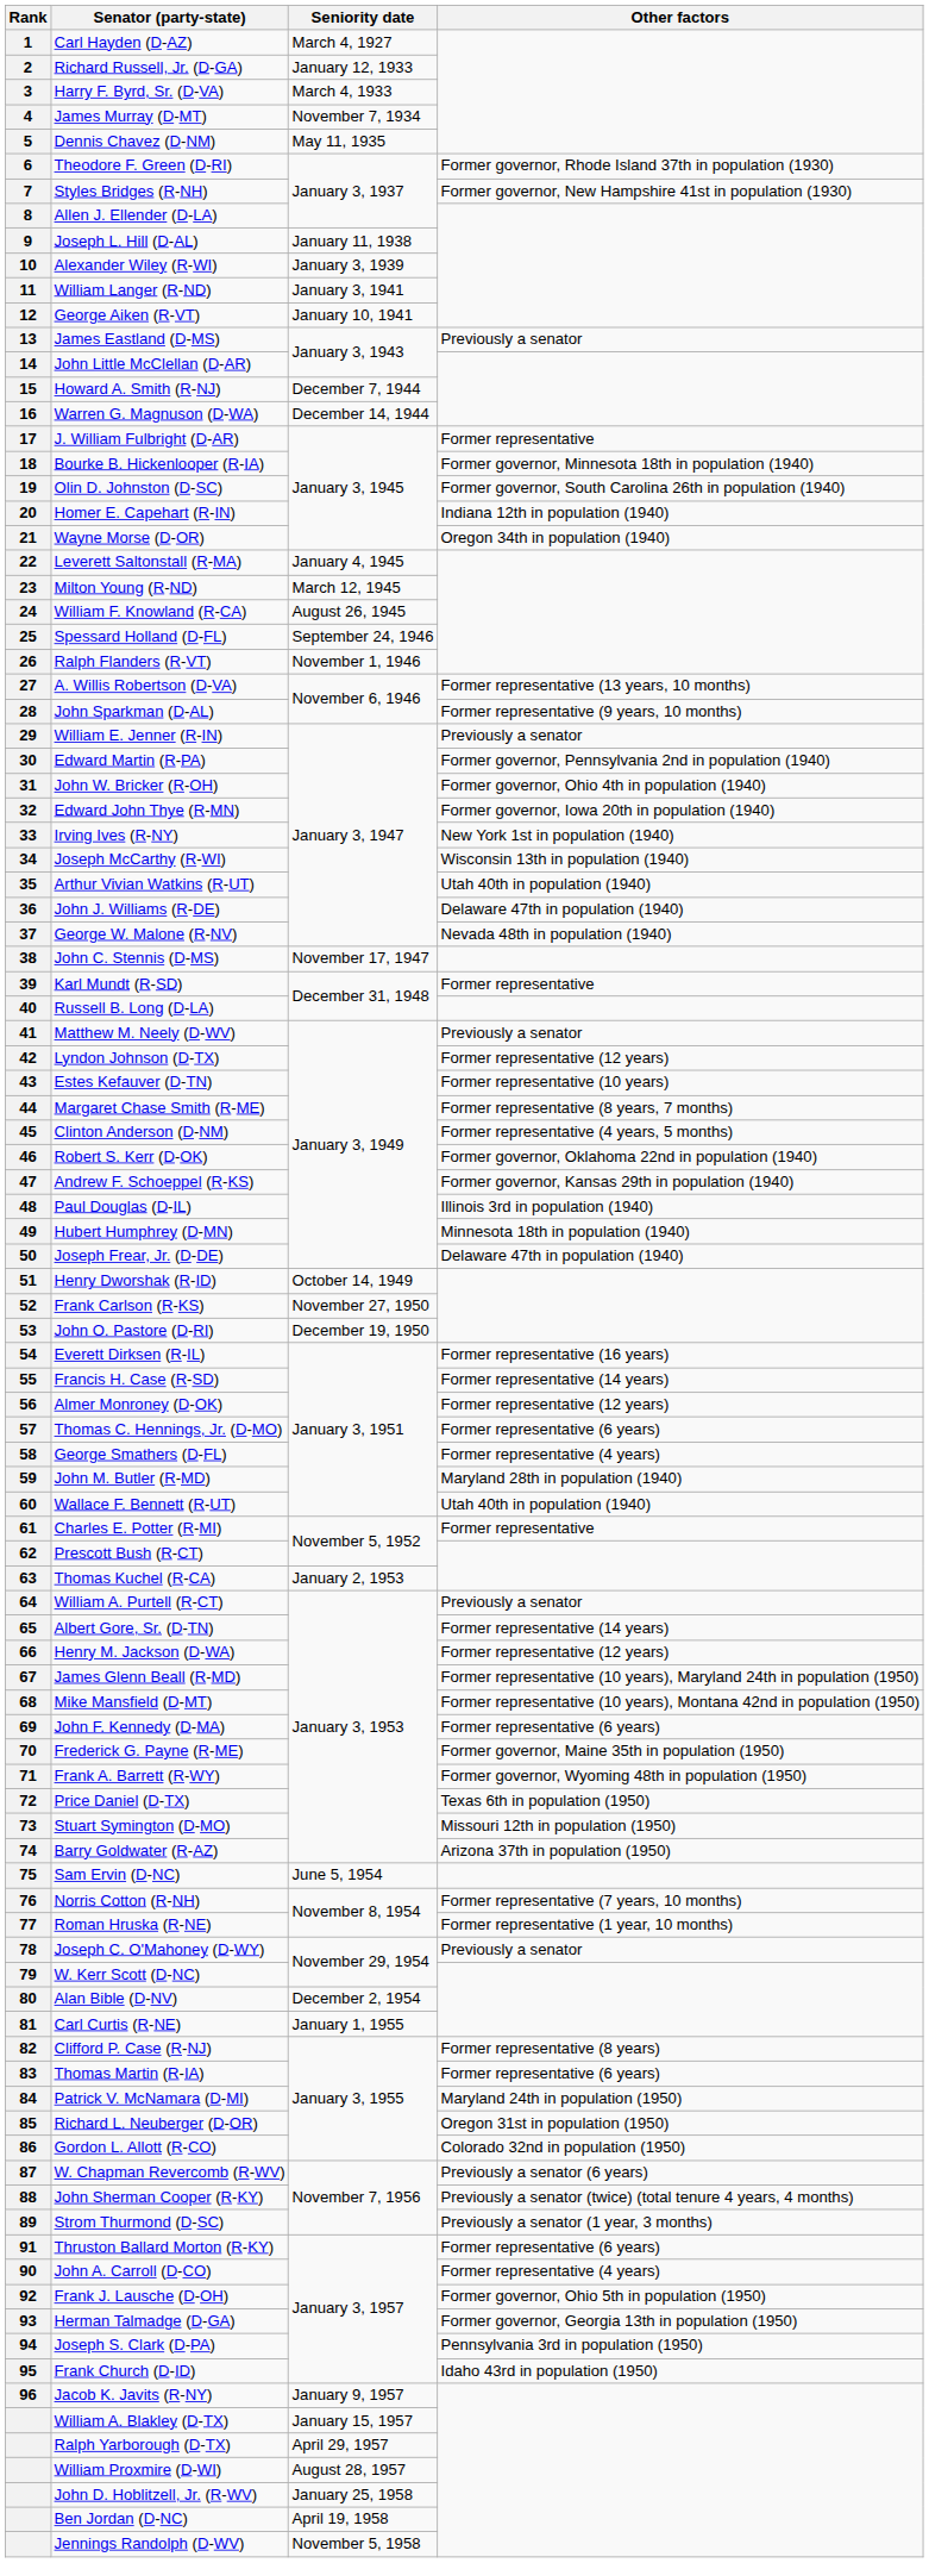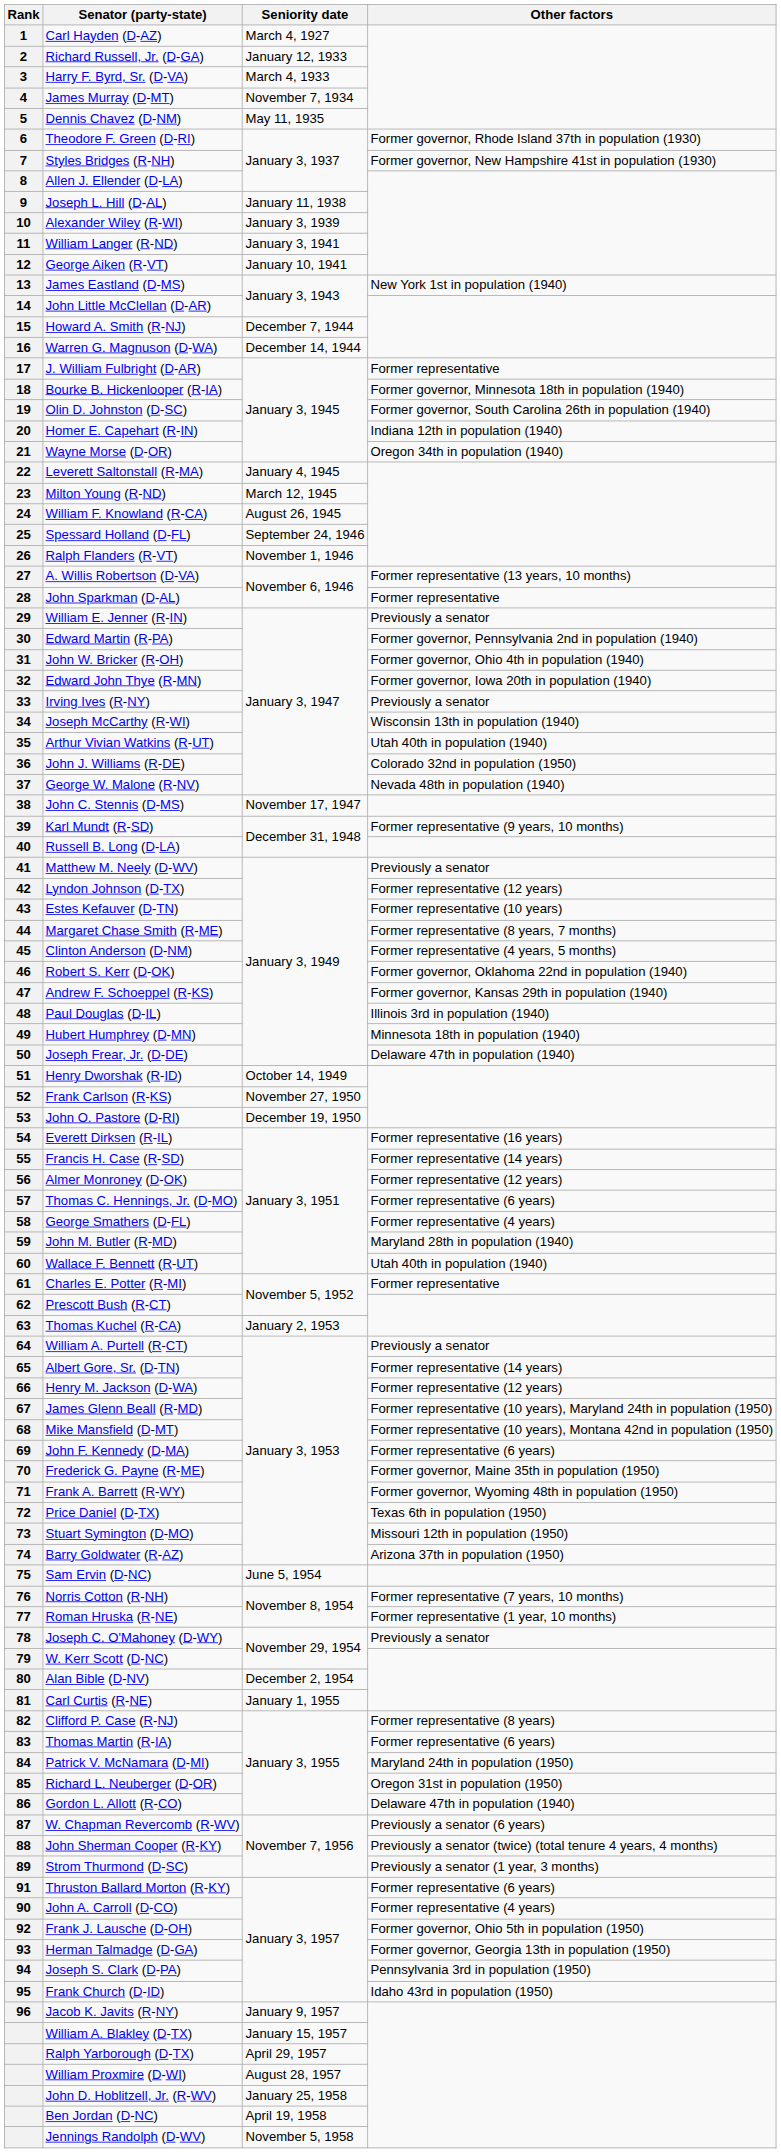 <table class=wikitable>
 <tr valign=bottom>
 <th>Rank</th>
 <th>Senator (party-state)</th>
 <th>Seniority date</th>
 <th>Other factors</th>
 </tr>
 <tr>
 <th>1</th>
 <td><a href='#'>Carl Hayden</a> (<a href='#'>D</a>-<a href='#'>AZ</a>)</td>
 <td>March 4, 1927</td>
 <td rowspan=5></td>
 </tr>
 <tr>
 <th>2</th>
 <td><a href='#'>Richard Russell, Jr.</a> (<a href='#'>D</a>-<a href='#'>GA</a>)</td>
 <td>January 12, 1933</td>
 </tr>
 <tr>
 <th>3</th>
 <td><a href='#'>Harry F. Byrd, Sr.</a> (<a href='#'>D</a>-<a href='#'>VA</a>)</td>
 <td>March 4, 1933</td>
 </tr>
 <tr>
 <th>4</th>
 <td><a href='#'>James Murray</a> (<a href='#'>D</a>-<a href='#'>MT</a>)</td>
 <td>November 7, 1934</td>
 </tr>
 <tr>
 <th>5</th>
 <td><a href='#'>Dennis Chavez</a> (<a href='#'>D</a>-<a href='#'>NM</a>)</td>
 <td>May 11, 1935</td>
 </tr>
 <tr>
 <th>6</th>
 <td><a href='#'>Theodore F. Green</a> (<a href='#'>D</a>-<a href='#'>RI</a>)</td>
 <td rowspan= 3>January 3, 1937</td>
 <td>Former governor, Rhode Island 37th in population (1930)</td>
 </tr>
 <tr>
 <th>7</th>
 <td><a href='#'>Styles Bridges</a> (<a href='#'>R</a>-<a href='#'>NH</a>)</td>
 <td>Former governor, New Hampshire 41st in population (1930)</td>
 </tr>
 <tr>
 <th>8</th>
 <td><a href='#'>Allen J. Ellender</a> (<a href='#'>D</a>-<a href='#'>LA</a>)</td>
 <td rowspan=5></td>
 </tr>
 <tr>
 <th>9</th>
 <td><a href='#'>Joseph L. Hill</a> (<a href='#'>D</a>-<a href='#'>AL</a>)</td>
 <td>January 11, 1938</td>
 </tr>
 <tr>
 <th>10</th>
 <td><a href='#'>Alexander Wiley</a> (<a href='#'>R</a>-<a href='#'>WI</a>)</td>
 <td>January 3, 1939</td>
 </tr>
 <tr>
 <th>11</th>
 <td><a href='#'>William Langer</a> (<a href='#'>R</a>-<a href='#'>ND</a>)</td>
 <td>January 3, 1941</td>
 </tr>
 <tr>
 <th>12</th>
 <td><a href='#'>George Aiken</a> (<a href='#'>R</a>-<a href='#'>VT</a>)</td>
 <td>January 10, 1941</td>
 </tr>
 <tr>
 <th>13</th>
 <td><a href='#'>James Eastland</a> (<a href='#'>D</a>-<a href='#'>MS</a>)</td>
 <td rowspan= 2>January 3, 1943</td>
-<td>Previously a senator</td>
+<td>New York 1st in population (1940)</td>
 </tr>
 <tr>
 <th>14</th>
 <td><a href='#'>John Little McClellan</a> (<a href='#'>D</a>-<a href='#'>AR</a>)</td>
 <td rowspan=3></td>
 </tr>
 <tr>
 <th>15</th>
 <td><a href='#'>Howard A. Smith</a> (<a href='#'>R</a>-<a href='#'>NJ</a>)</td>
 <td>December 7, 1944</td>
 </tr>
 <tr>
 <th>16</th>
 <td><a href='#'>Warren G. Magnuson</a> (<a href='#'>D</a>-<a href='#'>WA</a>)</td>
 <td>December 14, 1944</td>
 </tr>
 <tr>
 <th>17</th>
 <td><a href='#'>J. William Fulbright</a> (<a href='#'>D</a>-<a href='#'>AR</a>)</td>
 <td rowspan= 5>January 3, 1945</td>
 <td>Former representative</td>
 </tr>
 <tr>
 <th>18</th>
 <td><a href='#'>Bourke B. Hickenlooper</a> (<a href='#'>R</a>-<a href='#'>IA</a>)</td>
 <td>Former governor, Minnesota 18th in population (1940)</td>
 </tr>
 <tr>
 <th>19</th>
 <td><a href='#'>Olin D. Johnston</a> (<a href='#'>D</a>-<a href='#'>SC</a>)</td>
 <td>Former governor, South Carolina 26th in population (1940)</td>
 </tr>
 <tr>
 <th>20</th>
 <td><a href='#'>Homer E. Capehart</a> (<a href='#'>R</a>-<a href='#'>IN</a>)</td>
 <td>Indiana 12th in population (1940)</td>
 </tr>
 <tr>
 <th>21</th>
 <td><a href='#'>Wayne Morse</a> (<a href='#'>D</a>-<a href='#'>OR</a>)</td>
 <td>Oregon 34th in population (1940)</td>
 </tr>
 <tr>
 <th>22</th>
 <td><a href='#'>Leverett Saltonstall</a> (<a href='#'>R</a>-<a href='#'>MA</a>)</td>
 <td>January 4, 1945</td>
 <td rowspan=5></td>
 </tr>
 <tr>
 <th>23</th>
 <td><a href='#'>Milton Young</a> (<a href='#'>R</a>-<a href='#'>ND</a>)</td>
 <td>March 12, 1945</td>
 </tr>
 <tr>
 <th>24</th>
 <td><a href='#'>William F. Knowland</a> (<a href='#'>R</a>-<a href='#'>CA</a>)</td>
 <td>August 26, 1945</td>
 </tr>
 <tr>
 <th>25</th>
 <td><a href='#'>Spessard Holland</a> (<a href='#'>D</a>-<a href='#'>FL</a>)</td>
 <td>September 24, 1946</td>
 </tr>
 <tr>
 <th>26</th>
 <td><a href='#'>Ralph Flanders</a> (<a href='#'>R</a>-<a href='#'>VT</a>)</td>
 <td>November 1, 1946</td>
 </tr>
 <tr>
 <th>27</th>
 <td><a href='#'>A. Willis Robertson</a> (<a href='#'>D</a>-<a href='#'>VA</a>)</td>
 <td rowspan= 2>November 6, 1946</td>
 <td>Former representative (13 years, 10 months)</td>
 </tr>
 <tr>
 <th>28</th>
 <td><a href='#'>John Sparkman</a> (<a href='#'>D</a>-<a href='#'>AL</a>)</td>
-<td>Former representative (9 years, 10 months)</td>
+<td>Former representative</td>
 </tr>
 <tr>
 <th>29</th>
 <td><a href='#'>William E. Jenner</a> (<a href='#'>R</a>-<a href='#'>IN</a>)</td>
 <td rowspan= 9>January 3, 1947</td>
 <td>Previously a senator</td>
 </tr>
 <tr>
 <th>30</th>
 <td><a href='#'>Edward Martin</a> (<a href='#'>R</a>-<a href='#'>PA</a>)</td>
 <td>Former governor, Pennsylvania 2nd in population (1940)</td>
 </tr>
 <tr>
 <th>31</th>
 <td><a href='#'>John W. Bricker</a> (<a href='#'>R</a>-<a href='#'>OH</a>)</td>
 <td>Former governor, Ohio 4th in population (1940)</td>
 </tr>
 <tr>
 <th>32</th>
 <td><a href='#'>Edward John Thye</a> (<a href='#'>R</a>-<a href='#'>MN</a>)</td>
 <td>Former governor, Iowa 20th in population (1940)</td>
 </tr>
 <tr>
 <th>33</th>
 <td><a href='#'>Irving Ives</a> (<a href='#'>R</a>-<a href='#'>NY</a>)</td>
-<td>New York 1st in population (1940)</td>
+<td>Previously a senator</td>
 </tr>
 <tr>
 <th>34</th>
 <td><a href='#'>Joseph McCarthy</a> (<a href='#'>R</a>-<a href='#'>WI</a>)</td>
 <td>Wisconsin 13th in population (1940)</td>
 </tr>
 <tr>
 <th>35</th>
 <td><a href='#'>Arthur Vivian Watkins</a> (<a href='#'>R</a>-<a href='#'>UT</a>)</td>
 <td>Utah 40th in population (1940)</td>
 </tr>
 <tr>
 <th>36</th>
 <td><a href='#'>John J. Williams</a> (<a href='#'>R</a>-<a href='#'>DE</a>)</td>
-<td>Delaware 47th in population (1940)</td>
+<td>Colorado 32nd in population (1950)</td>
 </tr>
 <tr>
 <th>37</th>
 <td><a href='#'>George W. Malone</a> (<a href='#'>R</a>-<a href='#'>NV</a>)</td>
 <td>Nevada 48th in population (1940)</td>
 </tr>
 <tr>
 <th>38</th>
 <td><a href='#'>John C. Stennis</a> (<a href='#'>D</a>-<a href='#'>MS</a>)</td>
 <td>November 17, 1947</td>
 <td></td>
 </tr>
 <tr>
 <th>39</th>
 <td><a href='#'>Karl Mundt</a> (<a href='#'>R</a>-<a href='#'>SD</a>)</td>
 <td rowspan= 2>December 31, 1948</td>
-<td>Former representative</td>
+<td>Former representative (9 years, 10 months)</td>
 </tr>
 <tr>
 <th>40</th>
 <td><a href='#'>Russell B. Long</a> (<a href='#'>D</a>-<a href='#'>LA</a>)</td>
 </tr>
 <tr>
 <th>41</th>
 <td><a href='#'>Matthew M. Neely</a> (<a href='#'>D</a>-<a href='#'>WV</a>)</td>
 <td rowspan= 10>January 3, 1949</td>
 <td>Previously a senator</td>
 </tr>
 <tr>
 <th>42</th>
 <td><a href='#'>Lyndon Johnson</a> (<a href='#'>D</a>-<a href='#'>TX</a>)</td>
 <td>Former representative (12 years)</td>
 </tr>
 <tr>
 <th>43</th>
 <td><a href='#'>Estes Kefauver</a> (<a href='#'>D</a>-<a href='#'>TN</a>)</td>
 <td>Former representative (10 years)</td>
 </tr>
 <tr>
 <th>44</th>
 <td><a href='#'>Margaret Chase Smith</a> (<a href='#'>R</a>-<a href='#'>ME</a>)</td>
 <td>Former representative (8 years, 7 months)</td>
 </tr>
 <tr>
 <th>45</th>
 <td><a href='#'>Clinton Anderson</a> (<a href='#'>D</a>-<a href='#'>NM</a>)</td>
 <td>Former representative (4 years, 5 months)</td>
 </tr>
 <tr>
 <th>46</th>
 <td><a href='#'>Robert S. Kerr</a> (<a href='#'>D</a>-<a href='#'>OK</a>)</td>
 <td>Former governor, Oklahoma 22nd in population (1940)</td>
 </tr>
 <tr>
 <th>47</th>
 <td><a href='#'>Andrew F. Schoeppel</a> (<a href='#'>R</a>-<a href='#'>KS</a>)</td>
 <td>Former governor, Kansas 29th in population (1940)</td>
 </tr>
 <tr>
 <th>48</th>
 <td><a href='#'>Paul Douglas</a> (<a href='#'>D</a>-<a href='#'>IL</a>)</td>
 <td>Illinois 3rd in population (1940)</td>
 </tr>
 <tr>
 <th>49</th>
 <td><a href='#'>Hubert Humphrey</a> (<a href='#'>D</a>-<a href='#'>MN</a>)</td>
 <td>Minnesota 18th in population (1940)</td>
 </tr>
 <tr>
 <th>50</th>
 <td><a href='#'>Joseph Frear, Jr.</a> (<a href='#'>D</a>-<a href='#'>DE</a>)</td>
 <td>Delaware 47th in population (1940)</td>
 </tr>
 <tr>
 <th>51</th>
 <td><a href='#'>Henry Dworshak</a> (<a href='#'>R</a>-<a href='#'>ID</a>)</td>
 <td>October 14, 1949</td>
 <td rowspan=3></td>
 </tr>
 <tr>
 <th>52</th>
 <td><a href='#'>Frank Carlson</a> (<a href='#'>R</a>-<a href='#'>KS</a>)</td>
 <td>November 27, 1950</td>
 </tr>
 <tr>
 <th>53</th>
 <td><a href='#'>John O. Pastore</a> (<a href='#'>D</a>-<a href='#'>RI</a>)</td>
 <td>December 19, 1950</td>
 </tr>
 <tr>
 <th>54</th>
 <td><a href='#'>Everett Dirksen</a> (<a href='#'>R</a>-<a href='#'>IL</a>)</td>
 <td rowspan= 7>January 3, 1951</td>
 <td>Former representative (16 years)</td>
 </tr>
 <tr>
 <th>55</th>
 <td><a href='#'>Francis H. Case</a> (<a href='#'>R</a>-<a href='#'>SD</a>)</td>
 <td>Former representative (14 years)</td>
 </tr>
 <tr>
 <th>56</th>
 <td><a href='#'>Almer Monroney</a> (<a href='#'>D</a>-<a href='#'>OK</a>)</td>
 <td>Former representative (12 years)</td>
 </tr>
 <tr>
 <th>57</th>
 <td><a href='#'>Thomas C. Hennings, Jr.</a> (<a href='#'>D</a>-<a href='#'>MO</a>)</td>
 <td>Former representative (6 years)</td>
 </tr>
 <tr>
 <th>58</th>
 <td><a href='#'>George Smathers</a> (<a href='#'>D</a>-<a href='#'>FL</a>)</td>
 <td>Former representative (4 years)</td>
 </tr>
 <tr>
 <th>59</th>
 <td><a href='#'>John M. Butler</a> (<a href='#'>R</a>-<a href='#'>MD</a>)</td>
 <td>Maryland 28th in population (1940)</td>
 </tr>
 <tr>
 <th>60</th>
 <td><a href='#'>Wallace F. Bennett</a> (<a href='#'>R</a>-<a href='#'>UT</a>)</td>
 <td>Utah 40th in population (1940)</td>
 </tr>
 <tr>
 <th>61</th>
 <td><a href='#'>Charles E. Potter</a> (<a href='#'>R</a>-<a href='#'>MI</a>)</td>
 <td rowspan= 2>November 5, 1952</td>
 <td>Former representative</td>
 </tr>
 <tr>
 <th>62</th>
 <td><a href='#'>Prescott Bush</a> (<a href='#'>R</a>-<a href='#'>CT</a>)</td>
 <td rowspan=2></td>
 </tr>
 <tr>
 <th>63</th>
 <td><a href='#'>Thomas Kuchel</a> (<a href='#'>R</a>-<a href='#'>CA</a>)</td>
 <td>January 2, 1953</td>
 </tr>
 <tr>
 <th>64</th>
 <td><a href='#'>William A. Purtell</a> (<a href='#'>R</a>-<a href='#'>CT</a>)</td>
 <td rowspan= 11>January 3, 1953</td>
 <td>Previously a senator</td>
 </tr>
 <tr>
 <th>65</th>
 <td><a href='#'>Albert Gore, Sr.</a> (<a href='#'>D</a>-<a href='#'>TN</a>)</td>
 <td>Former representative (14 years)</td>
 </tr>
 <tr>
 <th>66</th>
 <td><a href='#'>Henry M. Jackson</a> (<a href='#'>D</a>-<a href='#'>WA</a>)</td>
 <td>Former representative (12 years)</td>
 </tr>
 <tr>
 <th>67</th>
 <td><a href='#'>James Glenn Beall</a> (<a href='#'>R</a>-<a href='#'>MD</a>)</td>
 <td>Former representative (10 years), Maryland 24th in population (1950)</td>
 </tr>
 <tr>
 <th>68</th>
 <td><a href='#'>Mike Mansfield</a> (<a href='#'>D</a>-<a href='#'>MT</a>)</td>
 <td>Former representative (10 years), Montana 42nd in population (1950)</td>
 </tr>
 <tr>
 <th>69</th>
 <td><a href='#'>John F. Kennedy</a> (<a href='#'>D</a>-<a href='#'>MA</a>)</td>
 <td>Former representative (6 years)</td>
 </tr>
 <tr>
 <th>70</th>
 <td><a href='#'>Frederick G. Payne</a> (<a href='#'>R</a>-<a href='#'>ME</a>)</td>
 <td>Former governor, Maine 35th in population (1950)</td>
 </tr>
 <tr>
 <th>71</th>
 <td><a href='#'>Frank A. Barrett</a> (<a href='#'>R</a>-<a href='#'>WY</a>)</td>
 <td>Former governor, Wyoming 48th in population (1950)</td>
 </tr>
 <tr>
 <th>72</th>
 <td><a href='#'>Price Daniel</a> (<a href='#'>D</a>-<a href='#'>TX</a>)</td>
 <td>Texas 6th in population (1950)</td>
 </tr>
 <tr>
 <th>73</th>
 <td><a href='#'>Stuart Symington</a> (<a href='#'>D</a>-<a href='#'>MO</a>)</td>
 <td>Missouri 12th in population (1950)</td>
 </tr>
 <tr>
 <th>74</th>
 <td><a href='#'>Barry Goldwater</a> (<a href='#'>R</a>-<a href='#'>AZ</a>)</td>
 <td>Arizona 37th in population (1950)</td>
 </tr>
 <tr>
 <th>75</th>
 <td><a href='#'>Sam Ervin</a> (<a href='#'>D</a>-<a href='#'>NC</a>)</td>
 <td>June 5, 1954</td>
 <td></td>
 </tr>
 <tr>
 <th>76</th>
 <td><a href='#'>Norris Cotton</a> (<a href='#'>R</a>-<a href='#'>NH</a>)</td>
 <td rowspan= 2>November 8, 1954</td>
 <td>Former representative (7 years, 10 months)</td>
 </tr>
 <tr>
 <th>77</th>
 <td><a href='#'>Roman Hruska</a> (<a href='#'>R</a>-<a href='#'>NE</a>)</td>
 <td>Former representative (1 year, 10 months)</td>
 </tr>
 <tr>
 <th>78</th>
 <td><a href='#'>Joseph C. O'Mahoney</a> (<a href='#'>D</a>-<a href='#'>WY</a>)</td>
 <td rowspan= 2>November 29, 1954</td>
 <td>Previously a senator</td>
 </tr>
 <tr>
 <th>79</th>
 <td><a href='#'>W. Kerr Scott</a> (<a href='#'>D</a>-<a href='#'>NC</a>)</td>
 <td rowspan=3></td>
 </tr>
 <tr>
 <th>80</th>
 <td><a href='#'>Alan Bible</a> (<a href='#'>D</a>-<a href='#'>NV</a>)</td>
 <td>December 2, 1954</td>
 </tr>
 <tr>
 <th>81</th>
 <td><a href='#'>Carl Curtis</a> (<a href='#'>R</a>-<a href='#'>NE</a>)</td>
 <td>January 1, 1955</td>
 </tr>
 <tr>
 <th>82</th>
 <td><a href='#'>Clifford P. Case</a> (<a href='#'>R</a>-<a href='#'>NJ</a>)</td>
 <td rowspan= 5>January 3, 1955</td>
 <td>Former representative (8 years)</td>
 </tr>
 <tr>
 <th>83</th>
 <td><a href='#'>Thomas Martin</a> (<a href='#'>R</a>-<a href='#'>IA</a>)</td>
 <td>Former representative (6 years)</td>
 </tr>
 <tr>
 <th>84</th>
 <td><a href='#'>Patrick V. McNamara</a> (<a href='#'>D</a>-<a href='#'>MI</a>)</td>
 <td>Maryland 24th in population (1950)</td>
 </tr>
 <tr>
 <th>85</th>
 <td><a href='#'>Richard L. Neuberger</a> (<a href='#'>D</a>-<a href='#'>OR</a>)</td>
 <td>Oregon 31st in population (1950)</td>
 </tr>
 <tr>
 <th>86</th>
 <td><a href='#'>Gordon L. Allott</a> (<a href='#'>R</a>-<a href='#'>CO</a>)</td>
-<td>Colorado 32nd in population (1950)</td>
+<td>Delaware 47th in population (1940)</td>
 </tr>
 <tr>
 <th>87</th>
 <td><a href='#'>W. Chapman Revercomb</a> (<a href='#'>R</a>-<a href='#'>WV</a>)</td>
 <td rowspan= 3>November 7, 1956</td>
 <td>Previously a senator (6 years)</td>
 </tr>
 <tr>
 <th>88</th>
 <td><a href='#'>John Sherman Cooper</a> (<a href='#'>R</a>-<a href='#'>KY</a>)</td>
 <td>Previously a senator (twice) (total tenure 4 years, 4 months)</td>
 </tr>
 <tr>
 <th>89</th>
 <td><a href='#'>Strom Thurmond</a> (<a href='#'>D</a>-<a href='#'>SC</a>)</td>
 <td>Previously a senator (1 year, 3 months)</td>
 </tr>
 <tr>
 <th>91</th>
 <td><a href='#'>Thruston Ballard Morton</a> (<a href='#'>R</a>-<a href='#'>KY</a>)</td>
 <td rowspan= 6>January 3, 1957</td>
 <td>Former representative (6 years)</td>
 </tr>
 <tr>
 <th>90</th>
 <td><a href='#'>John A. Carroll</a> (<a href='#'>D</a>-<a href='#'>CO</a>)</td>
 <td>Former representative (4 years)</td>
 </tr>
 <tr>
 <th>92</th>
 <td><a href='#'>Frank J. Lausche</a> (<a href='#'>D</a>-<a href='#'>OH</a>)</td>
 <td>Former governor, Ohio 5th in population (1950)</td>
 </tr>
 <tr>
 <th>93</th>
 <td><a href='#'>Herman Talmadge</a> (<a href='#'>D</a>-<a href='#'>GA</a>)</td>
 <td>Former governor, Georgia 13th in population (1950)</td>
 </tr>
 <tr>
 <th>94</th>
 <td><a href='#'>Joseph S. Clark</a> (<a href='#'>D</a>-<a href='#'>PA</a>)</td>
 <td>Pennsylvania 3rd in population (1950)</td>
 </tr>
 <tr>
 <th>95</th>
 <td><a href='#'>Frank Church</a> (<a href='#'>D</a>-<a href='#'>ID</a>)</td>
 <td>Idaho 43rd in population (1950)</td>
 </tr>
 <tr>
 <th>96</th>
 <td><a href='#'>Jacob K. Javits</a> (<a href='#'>R</a>-<a href='#'>NY</a>)</td>
 <td>January 9, 1957</td>
 <td rowspan=7></td>
 </tr>
 <tr>
 <th> </th>
 <td><a href='#'>William A. Blakley</a> (<a href='#'>D</a>-<a href='#'>TX</a>)</td>
 <td>January 15, 1957</td>
 </tr>
 <tr>
 <th> </th>
 <td><a href='#'>Ralph Yarborough</a> (<a href='#'>D</a>-<a href='#'>TX</a>)</td>
 <td>April 29, 1957</td>
 </tr>
 <tr>
 <th> </th>
 <td><a href='#'>William Proxmire</a> (<a href='#'>D</a>-<a href='#'>WI</a>)</td>
 <td>August 28, 1957</td>
 </tr>
 <tr>
 <th> </th>
 <td><a href='#'>John D. Hoblitzell, Jr.</a> (<a href='#'>R</a>-<a href='#'>WV</a>)</td>
 <td>January 25, 1958</td>
 </tr>
 <tr>
 <th> </th>
 <td><a href='#'>Ben Jordan</a> (<a href='#'>D</a>-<a href='#'>NC</a>)</td>
 <td>April 19, 1958</td>
 </tr>
 <tr>
 <th> </th>
 <td><a href='#'>Jennings Randolph</a> (<a href='#'>D</a>-<a href='#'>WV</a>)</td>
 <td>November 5, 1958</td>
 </tr>
 </table>
